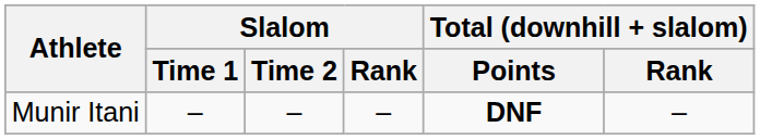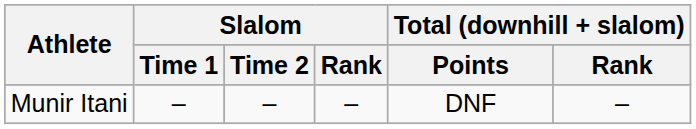 <table class="wikitable" style="font-size:90%">
 <tr>
 <th rowspan="2">Athlete</th>
 <th colspan="3">Slalom</th>
 <th colspan="2">Total (downhill + slalom)</th>
 </tr>
 <tr>
 <th>Time 1</th>
 <th>Time 2</th>
 <th>Rank</th>
 <th>Points</th>
 <th>Rank</th>
 </tr>
 <tr>
 <td>Munir Itani</td>
 <td align="center">–</td>
 <td align="center">–</td>
 <td align="center">–</td>
-<td align="center"><strong>DNF</strong></td>
+<td align="center">DNF</td>
 <td align="center">–</td>
 </tr>
 </table>
